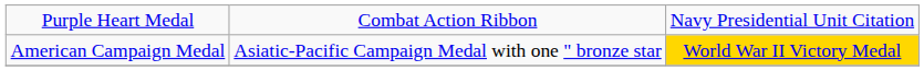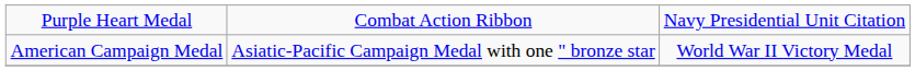 <table class="wikitable" style="margin:1em auto; text-align:center;">
 <tr>
 <td><a href='#'>Purple Heart Medal</a></td>
 <td><a href='#'>Combat Action Ribbon</a></td>
 <td><a href='#'>Navy Presidential Unit Citation</a></td>
 </tr>
 <tr>
 <td><a href='#'>American Campaign Medal</a></td>
 <td><a href='#'>Asiatic-Pacific Campaign Medal</a> with one <a href='#'>" bronze star</a></td>
-<td style="background: gold;"><a href='#'>World War II Victory Medal</a></td>
+<td><a href='#'>World War II Victory Medal</a></td>
 </tr>
 <tr>
 </tr>
 </table>
